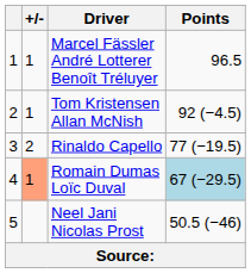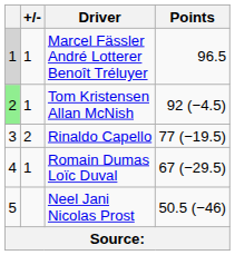 <table class="wikitable" style="font-size: 95%;">
 <tr>
 <th scope="col"></th>
 <th scope="col">+/-</th>
 <th scope="col">Driver</th>
 <th scope="col">Points</th>
 </tr>
 <tr>
-<td align="center">1</td>
+<td align="center" style="background: lightgrey;">1</td>
 <td align="left"> 1</td>
 <td> <a href='#'>Marcel Fässler</a><br> <a href='#'>André Lotterer</a><br> <a href='#'>Benoît Tréluyer</a></td>
 <td align="right">96.5</td>
 </tr>
 <tr>
-<td align="center">2</td>
+<td align="center" style="background: lightgreen;">2</td>
 <td align="left"> 1</td>
 <td> <a href='#'>Tom Kristensen</a><br> <a href='#'>Allan McNish</a></td>
 <td align="right">92 (−4.5)</td>
 </tr>
 <tr>
 <td align="center">3</td>
 <td align="left"> 2</td>
 <td> <a href='#'>Rinaldo Capello</a></td>
 <td align="right">77 (−19.5)</td>
 </tr>
 <tr>
 <td align="center">4</td>
-<td align="left" style="background: lightsalmon;"> 1</td>
+<td align="left"> 1</td>
 <td> <a href='#'>Romain Dumas</a><br> <a href='#'>Loïc Duval</a></td>
-<td align="right" style="background: lightblue;">67 (−29.5)</td>
+<td align="right">67 (−29.5)</td>
 </tr>
 <tr>
 <td align="center">5</td>
 <td align="left"></td>
 <td> <a href='#'>Neel Jani</a><br> <a href='#'>Nicolas Prost</a></td>
 <td align="right">50.5 (−46)</td>
 </tr>
 <tr>
 <th colspan=4>Source:</th>
 </tr>
 </table>
